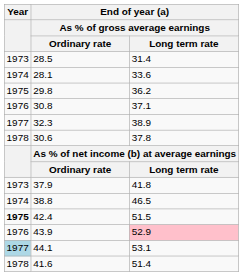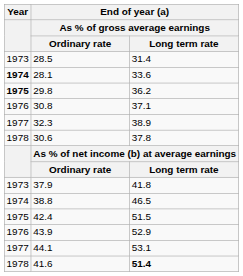 <table class="wikitable">
 <tr>
 <th>Year</th>
 <th colspan="2">End of year (a)</th>
 </tr>
 <tr>
 <th rowspan="2"></th>
 <th colspan="2">As % of gross average earnings</th>
 </tr>
 <tr>
 <th>Ordinary rate</th>
 <th>Long term rate</th>
 </tr>
 <tr>
 <td>1973</td>
 <td>28.5</td>
 <td>31.4</td>
 </tr>
 <tr>
-<td>1974</td>
+<td><strong>1974</strong></td>
 <td>28.1</td>
 <td>33.6</td>
 </tr>
 <tr>
-<td>1975</td>
+<td><strong>1975</strong></td>
 <td>29.8</td>
 <td>36.2</td>
 </tr>
 <tr>
 <td>1976</td>
 <td>30.8</td>
 <td>37.1</td>
 </tr>
 <tr>
 <td>1977</td>
 <td>32.3</td>
 <td>38.9</td>
 </tr>
 <tr>
 <td>1978</td>
 <td>30.6</td>
 <td>37.8</td>
 </tr>
 <tr>
 <th rowspan="2"></th>
 <th colspan="2">As % of net income (b) at average earnings</th>
 </tr>
 <tr>
 <th>Ordinary rate</th>
 <th>Long term rate</th>
 </tr>
 <tr>
 <td>1973</td>
 <td>37.9</td>
 <td>41.8</td>
 </tr>
 <tr>
 <td>1974</td>
 <td>38.8</td>
 <td>46.5</td>
 </tr>
 <tr>
-<td><strong>1975</strong></td>
+<td>1975</td>
 <td>42.4</td>
 <td>51.5</td>
 </tr>
 <tr>
 <td>1976</td>
 <td>43.9</td>
-<td style="background: pink;">52.9</td>
+<td>52.9</td>
 </tr>
 <tr>
-<td style="background: lightblue;">1977</td>
+<td>1977</td>
 <td>44.1</td>
 <td>53.1</td>
 </tr>
 <tr>
 <td>1978</td>
 <td>41.6</td>
-<td>51.4</td>
+<td><strong>51.4</strong></td>
 </tr>
 </table>
